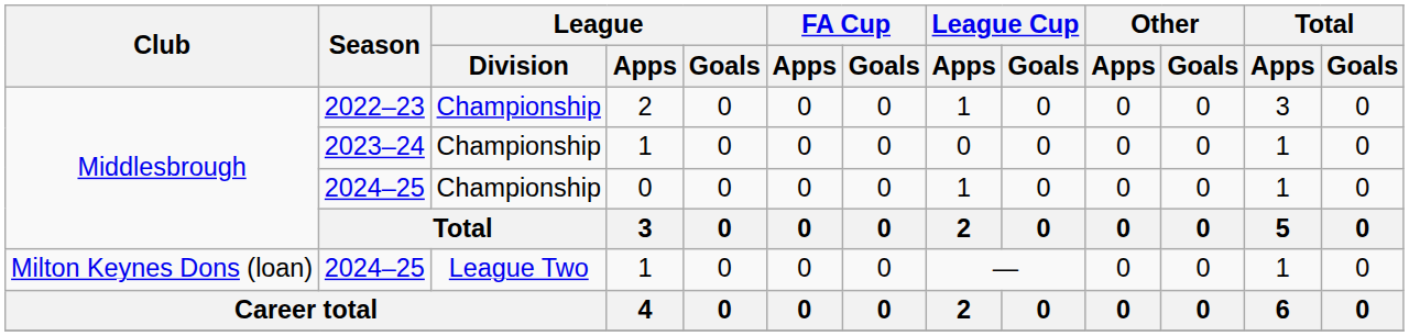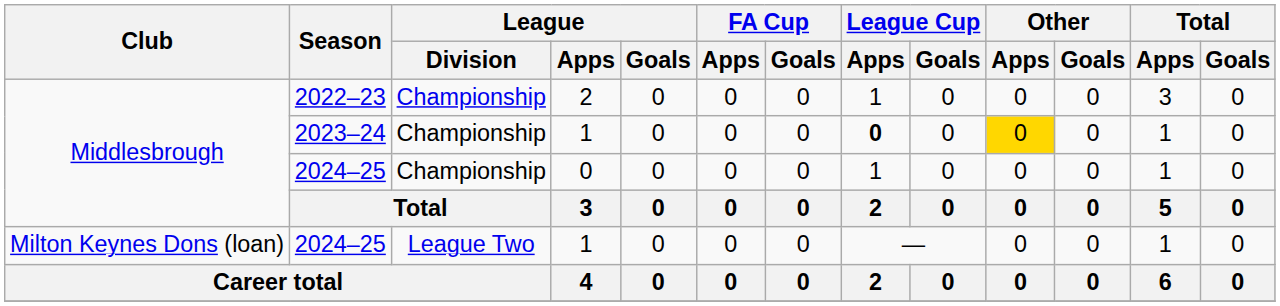 <table class="wikitable" style="text-align:center">
 <tr>
 <th rowspan="2">Club</th>
 <th rowspan="2">Season</th>
 <th colspan="3">League</th>
 <th colspan="2"><a href='#'>FA Cup</a></th>
 <th colspan="2"><a href='#'>League Cup</a></th>
 <th colspan="2">Other</th>
 <th colspan="2">Total</th>
 </tr>
 <tr>
 <th>Division</th>
 <th>Apps</th>
 <th>Goals</th>
 <th>Apps</th>
 <th>Goals</th>
 <th>Apps</th>
 <th>Goals</th>
 <th>Apps</th>
 <th>Goals</th>
 <th>Apps</th>
 <th>Goals</th>
 </tr>
 <tr>
 <td rowspan="4"><a href='#'>Middlesbrough</a></td>
 <td><a href='#'>2022–23</a></td>
 <td><a href='#'>Championship</a></td>
 <td>2</td>
 <td>0</td>
 <td>0</td>
 <td>0</td>
 <td>1</td>
 <td>0</td>
 <td>0</td>
 <td>0</td>
 <td>3</td>
 <td>0</td>
 </tr>
 <tr>
 <td><a href='#'>2023–24</a></td>
 <td>Championship</td>
 <td>1</td>
 <td>0</td>
 <td>0</td>
 <td>0</td>
+<td><strong>0</strong></td>
 <td>0</td>
-<td>0</td>
-<td>0</td>
+<td style="background: gold;">0</td>
 <td>0</td>
 <td>1</td>
 <td>0</td>
 </tr>
 <tr>
 <td><a href='#'>2024–25</a></td>
 <td>Championship</td>
 <td>0</td>
 <td>0</td>
 <td>0</td>
 <td>0</td>
 <td>1</td>
 <td>0</td>
 <td>0</td>
 <td>0</td>
 <td>1</td>
 <td>0</td>
 </tr>
 <tr>
 <th colspan="2">Total</th>
 <th>3</th>
 <th>0</th>
 <th>0</th>
 <th>0</th>
 <th>2</th>
 <th>0</th>
 <th>0</th>
 <th>0</th>
 <th>5</th>
 <th>0</th>
 </tr>
 <tr>
 <td><a href='#'>Milton Keynes Dons</a> (loan)</td>
 <td><a href='#'>2024–25</a></td>
 <td><a href='#'>League Two</a></td>
 <td>1</td>
 <td>0</td>
 <td>0</td>
 <td>0</td>
 <td colspan="2">—</td>
 <td>0</td>
 <td>0</td>
 <td>1</td>
 <td>0</td>
 </tr>
 <tr>
 <th colspan="3">Career total</th>
 <th>4</th>
 <th>0</th>
 <th>0</th>
 <th>0</th>
 <th>2</th>
 <th>0</th>
 <th>0</th>
 <th>0</th>
 <th>6</th>
 <th>0</th>
 </tr>
 <tr>
 </tr>
 </table>
